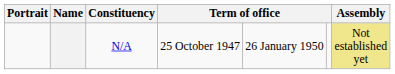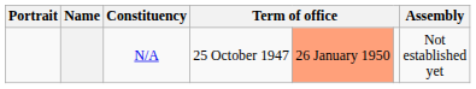 <table class="wikitable" style="text-align:center">
 <tr>
 <th class="unsortable" scope="col">Portrait</th>
 <th scope="col">Name</th>
 <th scope="col">Constituency</th>
 <th colspan="3" scope="colgroup">Term of office</th>
 <th scope="col">Assembly</th>
 </tr>
 <tr style="height: 60px;">
 <td></td>
 <th scope="row"></th>
 <td><a href='#'>N/A</a></td>
 <td>25 October 1947</td>
-<td>26 January 1950</td>
+<td style="background: lightsalmon;">26 January 1950</td>
 <td></td>
-<td style="background: khaki;">Not <br>established<br> yet</td>
+<td>Not <br>established<br> yet</td>
 </tr>
 </table>
